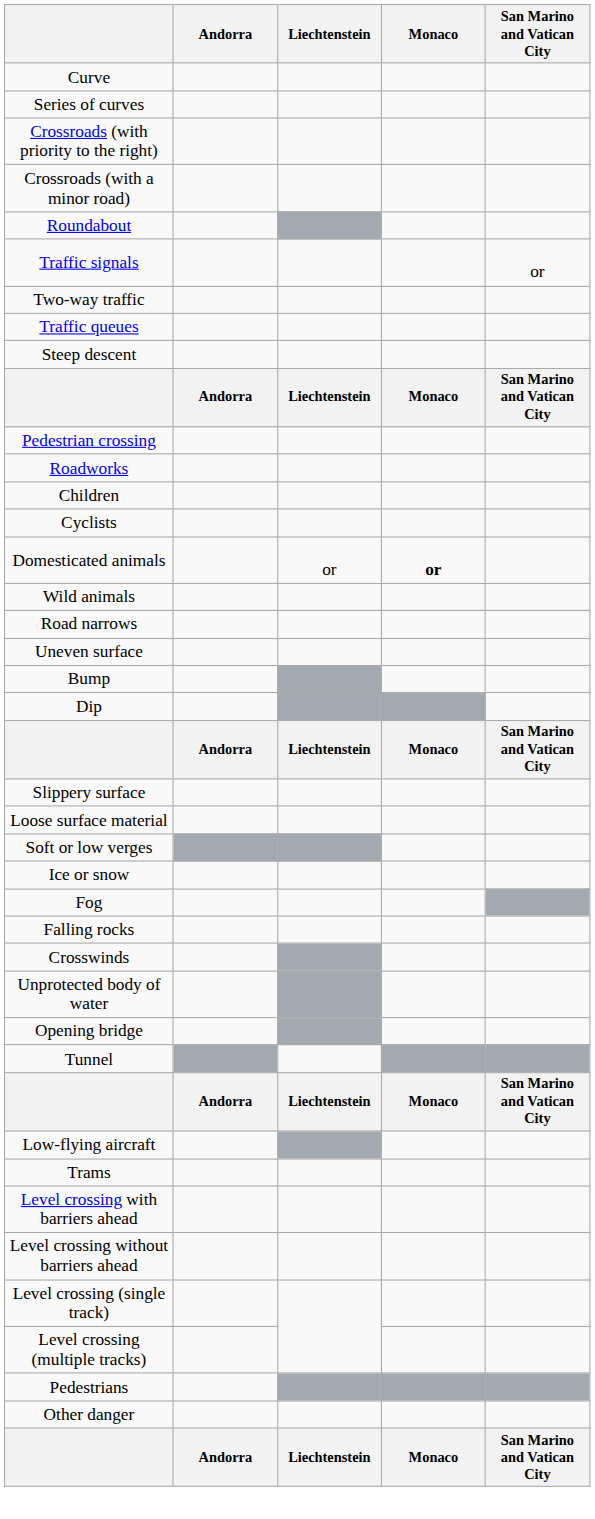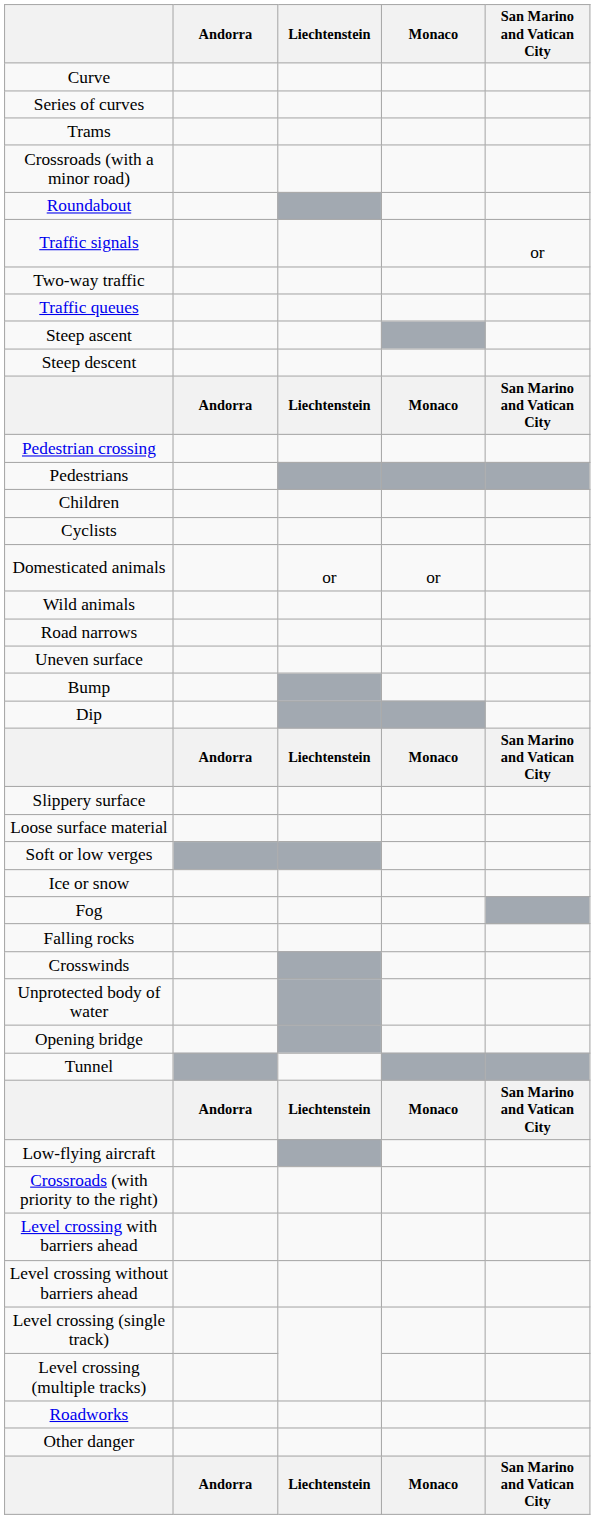 <table class="wikitable" style="text-align:center;">
 <tr style="font-size:smaller;">
 <th width="150"></th>
 <th style="width: 90px;">Andorra</th>
 <th style="width: 90px;">Liechtenstein</th>
 <th style="width: 90px;">Monaco</th>
 <th style="width: 90px;">San Marino and Vatican City</th>
 </tr>
 <tr>
 <td>Curve</td>
 <td></td>
 <td></td>
 <td></td>
 <td></td>
 </tr>
 <tr>
 <td>Series of curves</td>
 <td></td>
 <td></td>
 <td></td>
 <td></td>
 </tr>
 <tr>
-<td><a href='#'>Crossroads</a> (with priority to the right)</td>
+<td>Trams</td>
 <td></td>
 <td></td>
 <td></td>
 <td></td>
 </tr>
 <tr>
 <td>Crossroads (with a minor road)</td>
 <td></td>
 <td></td>
 <td></td>
 <td></td>
 </tr>
 <tr>
 <td><a href='#'>Roundabout</a></td>
 <td></td>
 <td style="background: #a2a9b1;"></td>
 <td></td>
 <td></td>
 </tr>
 <tr>
 <td><a href='#'>Traffic signals</a></td>
 <td></td>
 <td></td>
 <td></td>
 <td><br>or </td>
 </tr>
 <tr>
 <td>Two-way traffic</td>
 <td></td>
 <td></td>
 <td></td>
 <td></td>
 </tr>
 <tr>
 <td><a href='#'>Traffic queues</a></td>
 <td></td>
 <td></td>
 <td></td>
 <td></td>
 </tr>
 <tr>
+<td>Steep ascent</td>
+<td></td>
+<td></td>
+<td style="background: #a2a9b1;"></td>
+<td></td>
+</tr>
+<tr>
 <td>Steep descent</td>
 <td></td>
 <td></td>
 <td></td>
 <td></td>
 </tr>
 <tr style="font-size:smaller;">
 <th width="150"></th>
 <th>Andorra</th>
 <th>Liechtenstein</th>
 <th>Monaco</th>
 <th>San Marino and Vatican City</th>
 </tr>
 <tr>
 <td><a href='#'>Pedestrian crossing</a></td>
 <td></td>
 <td></td>
 <td></td>
 <td></td>
 </tr>
 <tr>
-<td><a href='#'>Roadworks</a></td>
+<td>Pedestrians</td>
 <td></td>
-<td></td>
-<td></td>
-<td></td>
+<td style="background: #a2a9b1;"></td>
+<td style="background: #a2a9b1;"></td>
+<td style="background: #a2a9b1;"></td>
 </tr>
 <tr>
 <td>Children</td>
 <td></td>
 <td></td>
 <td></td>
 <td></td>
 </tr>
 <tr>
 <td>Cyclists</td>
 <td></td>
 <td></td>
 <td></td>
 <td></td>
 </tr>
 <tr>
 <td>Domesticated animals</td>
 <td></td>
 <td><br>or </td>
-<td><strong><br>or </strong></td>
+<td><br>or </td>
 <td></td>
 </tr>
 <tr>
 <td>Wild animals</td>
 <td></td>
 <td></td>
 <td></td>
 <td></td>
 </tr>
 <tr>
 <td>Road narrows</td>
 <td></td>
 <td></td>
 <td></td>
 <td></td>
 </tr>
 <tr>
 <td>Uneven surface</td>
 <td></td>
 <td></td>
 <td></td>
 <td></td>
 </tr>
 <tr>
 <td>Bump</td>
 <td></td>
 <td style="background: #a2a9b1;"></td>
 <td></td>
 <td></td>
 </tr>
 <tr>
 <td>Dip</td>
 <td></td>
 <td style="background: #a2a9b1;"></td>
 <td style="background: #a2a9b1;"></td>
 <td></td>
 </tr>
 <tr style="font-size:smaller;">
 <th width="150"></th>
 <th>Andorra</th>
 <th>Liechtenstein</th>
 <th>Monaco</th>
 <th>San Marino and Vatican City</th>
 </tr>
 <tr>
 <td>Slippery surface</td>
 <td></td>
 <td></td>
 <td></td>
 <td></td>
 </tr>
 <tr>
 <td>Loose surface material</td>
 <td></td>
 <td></td>
 <td></td>
 <td></td>
 </tr>
 <tr>
 <td>Soft or low verges</td>
 <td style="background: #a2a9b1;"></td>
 <td style="background: #a2a9b1;"></td>
 <td><br></td>
 <td></td>
 </tr>
 <tr>
 <td>Ice or snow</td>
 <td></td>
 <td><br></td>
 <td><br></td>
 <td><br></td>
 </tr>
 <tr>
 <td>Fog</td>
 <td></td>
 <td><br> </td>
 <td></td>
 <td style="background: #a2a9b1;"></td>
 </tr>
 <tr>
 <td>Falling rocks</td>
 <td></td>
 <td></td>
 <td></td>
 <td></td>
 </tr>
 <tr>
 <td>Crosswinds</td>
 <td></td>
 <td style="background: #a2a9b1;"></td>
 <td></td>
 <td></td>
 </tr>
 <tr>
 <td>Unprotected body of water</td>
 <td></td>
 <td style="background: #a2a9b1;"></td>
 <td></td>
 <td></td>
 </tr>
 <tr>
 <td>Opening bridge</td>
 <td></td>
 <td style="background: #a2a9b1;"></td>
 <td></td>
 <td></td>
 </tr>
 <tr>
 <td>Tunnel</td>
 <td style="background: #a2a9b1;"></td>
 <td></td>
 <td style="background: #a2a9b1;"></td>
 <td style="background: #a2a9b1;"></td>
 </tr>
 <tr style="font-size:smaller;">
 <th width="150"></th>
 <th>Andorra</th>
 <th>Liechtenstein</th>
 <th>Monaco</th>
 <th>San Marino and Vatican City</th>
 </tr>
 <tr>
 <td>Low-flying aircraft</td>
 <td></td>
 <td style="background: #a2a9b1;"></td>
 <td></td>
 <td></td>
 </tr>
 <tr>
-<td>Trams</td>
+<td><a href='#'>Crossroads</a> (with priority to the right)</td>
 <td></td>
 <td></td>
 <td></td>
 <td></td>
 </tr>
 <tr>
 <td><a href='#'>Level crossing</a> with barriers ahead</td>
 <td></td>
 <td></td>
 <td></td>
 <td></td>
 </tr>
 <tr>
 <td>Level crossing without barriers ahead</td>
 <td></td>
 <td></td>
 <td></td>
 <td></td>
 </tr>
 <tr>
 <td>Level crossing (single track)</td>
 <td></td>
 <td rowspan="2"></td>
 <td></td>
 <td></td>
 </tr>
 <tr>
 <td>Level crossing (multiple tracks)</td>
 <td></td>
 <td></td>
 <td></td>
 </tr>
 <tr>
-<td>Pedestrians</td>
+<td><a href='#'>Roadworks</a></td>
 <td></td>
-<td style="background: #a2a9b1;"></td>
-<td style="background: #a2a9b1;"></td>
-<td style="background: #a2a9b1;"></td>
+<td></td>
+<td></td>
+<td></td>
 </tr>
 <tr>
 <td>Other danger</td>
 <td></td>
 <td></td>
 <td></td>
 <td></td>
 </tr>
 <tr style="font-size:smaller;">
 <th width="150"></th>
 <th>Andorra</th>
 <th>Liechtenstein</th>
 <th>Monaco</th>
 <th>San Marino and Vatican City</th>
 </tr>
 </table>
